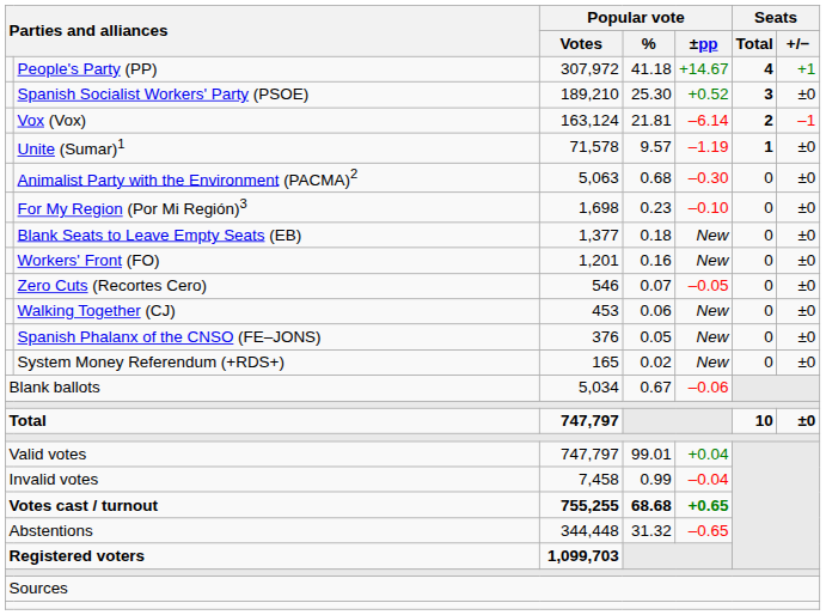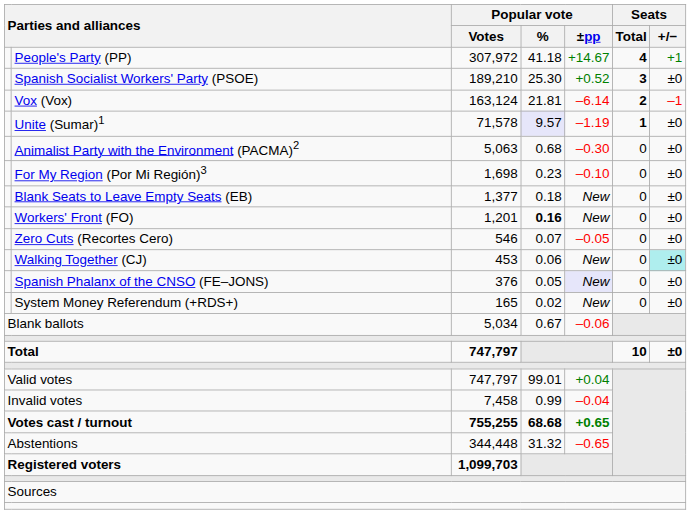 <table class="wikitable" style="text-align:right;">
 <tr>
 <th style="text-align:left;" rowspan="2" colspan="2" width="525">Parties and alliances</th>
 <th colspan="3">Popular vote</th>
 <th colspan="2">Seats</th>
 </tr>
 <tr>
 <th width="75">Votes</th>
 <th width="45">%</th>
 <th width="45">±<a href='#'>pp</a></th>
 <th width="35">Total</th>
 <th width="35">+/−</th>
 </tr>
 <tr>
 <td width="1" style="color:inherit;background:"></td>
 <td align="left"><a href='#'>People's Party</a> (PP)</td>
 <td>307,972</td>
 <td>41.18</td>
 <td style="color:green;">+14.67</td>
 <td><strong>4</strong></td>
 <td style="color:green;">+1</td>
 </tr>
 <tr>
 <td style="color:inherit;background:"></td>
 <td align="left"><a href='#'>Spanish Socialist Workers' Party</a> (PSOE)</td>
 <td>189,210</td>
 <td>25.30</td>
 <td style="color:green;">+0.52</td>
 <td><strong>3</strong></td>
 <td>±0</td>
 </tr>
 <tr>
 <td style="color:inherit;background:"></td>
 <td align="left"><a href='#'>Vox</a> (Vox)</td>
 <td>163,124</td>
 <td>21.81</td>
 <td style="color:red;">–6.14</td>
 <td><strong>2</strong></td>
 <td style="color:red;">–1</td>
 </tr>
 <tr>
 <td style="color:inherit;background:"></td>
 <td align="left"><a href='#'>Unite</a> (Sumar)<sup>1</sup></td>
 <td>71,578</td>
-<td>9.57</td>
+<td style="background: lavender;">9.57</td>
 <td style="color:red;">–1.19</td>
 <td><strong>1</strong></td>
 <td>±0</td>
 </tr>
 <tr>
 <td style="color:inherit;background:"></td>
 <td align="left"><a href='#'>Animalist Party with the Environment</a> (PACMA)<sup>2</sup></td>
 <td>5,063</td>
 <td>0.68</td>
 <td style="color:red;">–0.30</td>
 <td>0</td>
 <td>±0</td>
 </tr>
 <tr>
 <td style="color:inherit;background:"></td>
 <td align="left"><a href='#'>For My Region</a> (Por Mi Región)<sup>3</sup></td>
 <td>1,698</td>
 <td>0.23</td>
 <td style="color:red;">–0.10</td>
 <td>0</td>
 <td>±0</td>
 </tr>
 <tr>
 <td style="color:inherit;background:"></td>
 <td align="left"><a href='#'>Blank Seats to Leave Empty Seats</a> (EB)</td>
 <td>1,377</td>
 <td>0.18</td>
 <td><em>New</em></td>
 <td>0</td>
 <td>±0</td>
 </tr>
 <tr>
 <td style="color:inherit;background:"></td>
 <td align="left"><a href='#'>Workers' Front</a> (FO)</td>
 <td>1,201</td>
-<td>0.16</td>
+<td><strong>0.16</strong></td>
 <td><em>New</em></td>
 <td>0</td>
 <td>±0</td>
 </tr>
 <tr>
 <td style="color:inherit;background:"></td>
 <td align="left"><a href='#'>Zero Cuts</a> (Recortes Cero)</td>
 <td>546</td>
 <td>0.07</td>
 <td style="color:red;">–0.05</td>
 <td>0</td>
 <td>±0</td>
 </tr>
 <tr>
 <td style="color:inherit;background:"></td>
 <td align="left"><a href='#'>Walking Together</a> (CJ)</td>
 <td>453</td>
 <td>0.06</td>
 <td><em>New</em></td>
 <td>0</td>
-<td>±0</td>
+<td style="background: paleturquoise;">±0</td>
 </tr>
 <tr>
 <td style="color:inherit;background:"></td>
 <td align="left"><a href='#'>Spanish Phalanx of the CNSO</a> (FE–JONS)</td>
 <td>376</td>
 <td>0.05</td>
-<td><em>New</em></td>
+<td style="background: lavender;"><em>New</em></td>
 <td>0</td>
 <td>±0</td>
 </tr>
 <tr>
 <td style="color:inherit;background:"></td>
 <td align="left">System Money Referendum (+RDS+)</td>
 <td>165</td>
 <td>0.02</td>
 <td><em>New</em></td>
 <td>0</td>
 <td>±0</td>
 </tr>
 <tr>
 <td align="left" colspan="2">Blank ballots</td>
 <td>5,034</td>
 <td>0.67</td>
 <td style="color:red;">–0.06</td>
 <td bgcolor="#E9E9E9" colspan="2"></td>
 </tr>
 <tr>
 <td colspan="7" bgcolor="#E9E9E9"></td>
 </tr>
 <tr style="font-weight:bold;">
 <td align="left" colspan="2">Total</td>
 <td>747,797</td>
 <td bgcolor="#E9E9E9" colspan="2"></td>
 <td>10</td>
 <td>±0</td>
 </tr>
 <tr>
 <td colspan="7" bgcolor="#E9E9E9"></td>
 </tr>
 <tr>
 <td align="left" colspan="2">Valid votes</td>
 <td>747,797</td>
 <td>99.01</td>
 <td style="color:green;">+0.04</td>
 <td bgcolor="#E9E9E9" colspan="2" rowspan="5"></td>
 </tr>
 <tr>
 <td align="left" colspan="2">Invalid votes</td>
 <td>7,458</td>
 <td>0.99</td>
 <td style="color:red;">–0.04</td>
 </tr>
 <tr style="font-weight:bold;">
 <td align="left" colspan="2">Votes cast / turnout</td>
 <td>755,255</td>
 <td>68.68</td>
 <td style="color:green;">+0.65</td>
 </tr>
 <tr>
 <td align="left" colspan="2">Abstentions</td>
 <td>344,448</td>
 <td>31.32</td>
 <td style="color:red;">–0.65</td>
 </tr>
 <tr style="font-weight:bold;">
 <td align="left" colspan="2">Registered voters</td>
 <td>1,099,703</td>
 <td bgcolor="#E9E9E9" colspan="2"></td>
 </tr>
 <tr>
 <td colspan="7" bgcolor="#E9E9E9"></td>
 </tr>
 <tr>
 <td align="left" colspan="7">Sources</td>
 </tr>
 <tr>
 <td colspan="7" style="text-align:left; max-width:790px;"></td>
 </tr>
 </table>
